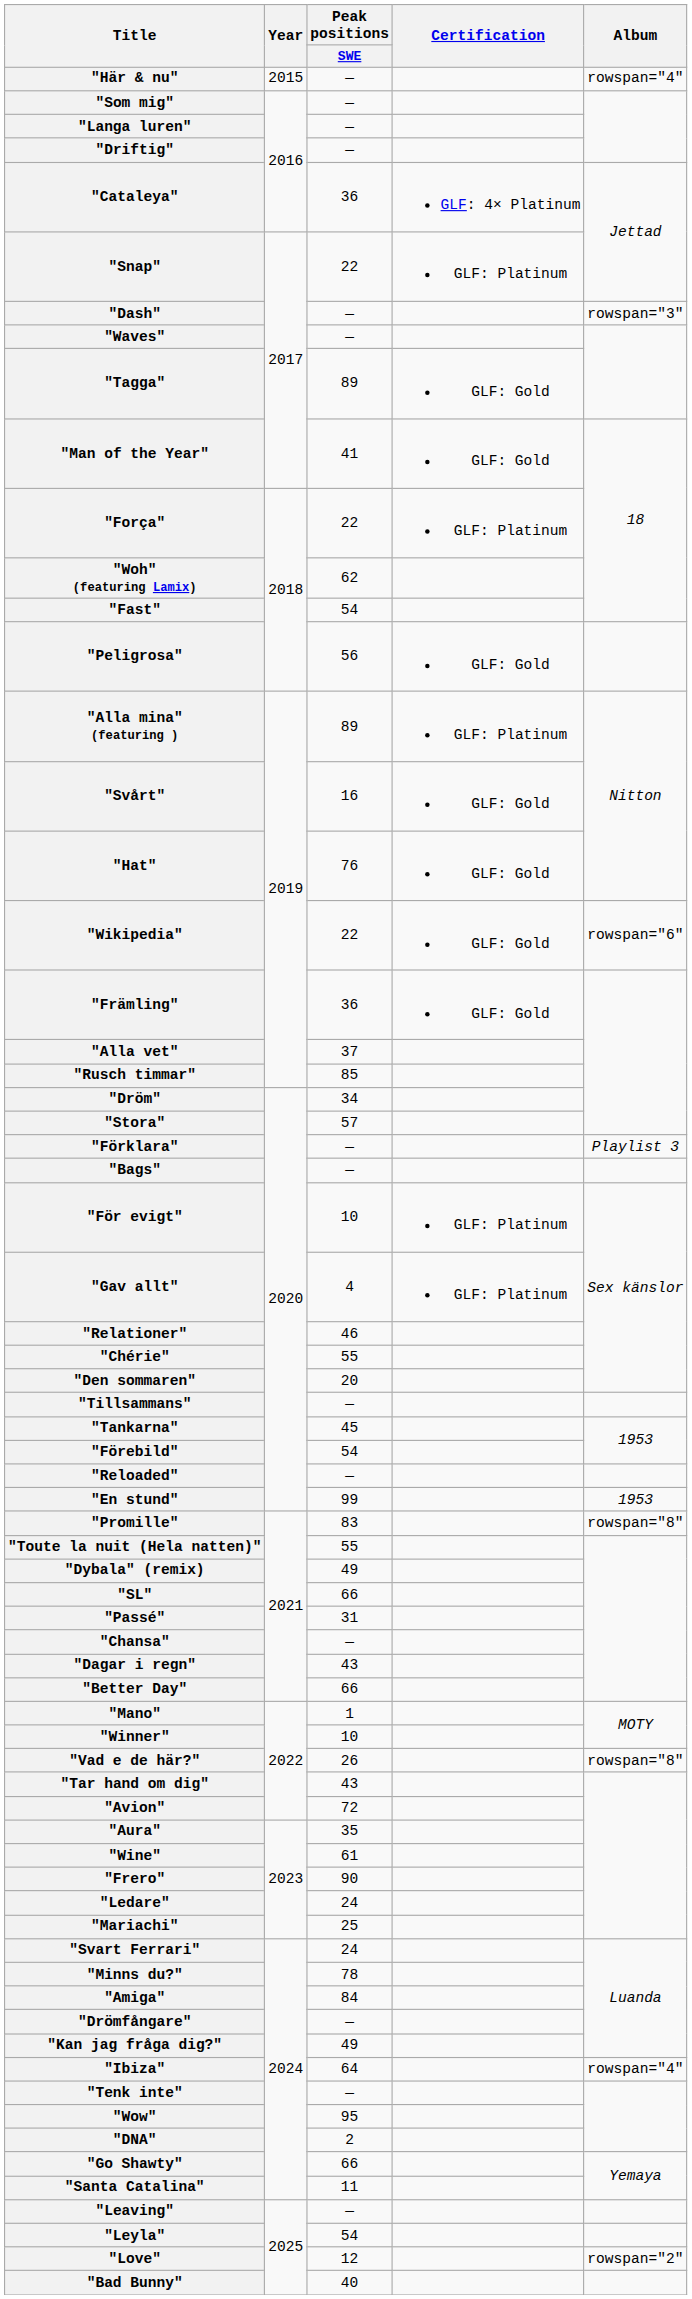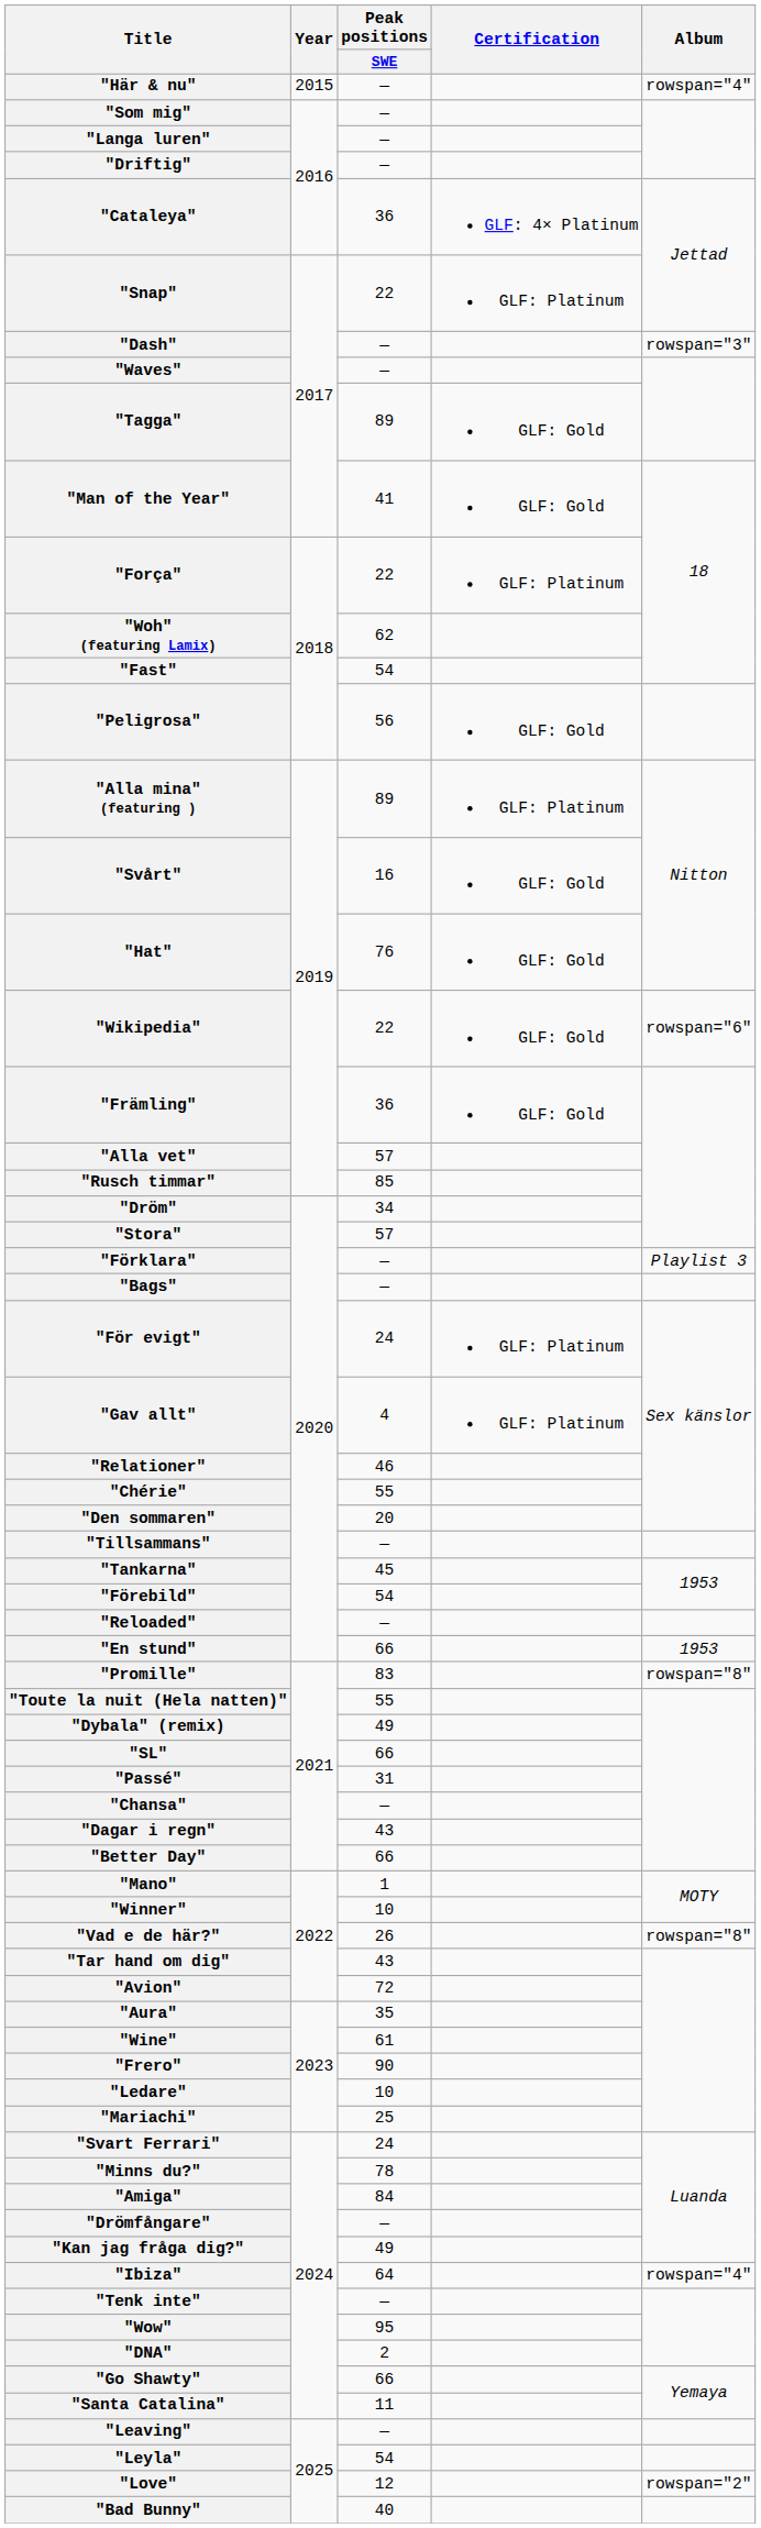 <table class="wikitable plainrowheaders" style="text-align:center">
 <tr>
 <th scope="col" rowspan="2">Title</th>
 <th scope="col" rowspan="2">Year</th>
 <th scope="col" colspan="1">Peak positions</th>
 <th scope="col" rowspan="2"><a href='#'>Certification</a></th>
 <th scope="col" rowspan="2">Album</th>
 </tr>
 <tr>
 <th scope="col" style="width:3em;font-size:90%;"><a href='#'>SWE</a><br></th>
 </tr>
 <tr>
 <th scope="row">"Här & nu"</th>
 <td>2015</td>
 <td>—</td>
 <td></td>
 <td>rowspan="4"</td>
 </tr>
 <tr>
 <th scope="row">"Som mig"</th>
 <td rowspan="4">2016</td>
 <td>—</td>
 <td></td>
 </tr>
 <tr>
 <th scope="row">"Langa luren"<br></th>
 <td>—</td>
 <td></td>
 </tr>
 <tr>
 <th scope="row">"Driftig"<br></th>
 <td>—</td>
 <td></td>
 </tr>
 <tr>
 <th scope="row">"Cataleya"</th>
 <td>36</td>
 <td><br><ul><li><a href='#'>GLF</a>: 4× Platinum</li></ul></td>
 <td rowspan=2><em>Jettad</em></td>
 </tr>
 <tr>
 <th scope="row">"Snap"</th>
 <td rowspan="5">2017</td>
 <td>22</td>
 <td><br><ul><li>GLF: Platinum</li></ul></td>
 </tr>
 <tr>
 <th scope="row">"Dash"<br></th>
 <td>—</td>
 <td></td>
 <td>rowspan="3"</td>
 </tr>
 <tr>
 <th scope="row">"Waves"<br></th>
 <td>—</td>
 <td></td>
 </tr>
 <tr>
 <th scope="row">"Tagga"</th>
 <td>89</td>
 <td><br><ul><li>GLF: Gold</li></ul></td>
 </tr>
 <tr>
 <th scope="row">"Man of the Year"</th>
 <td>41</td>
 <td><br><ul><li>GLF: Gold</li></ul></td>
 <td rowspan=4><em>18</em></td>
 </tr>
 <tr>
 <th scope="row">"Força"</th>
 <td rowspan="4">2018</td>
 <td>22</td>
 <td><br><ul><li>GLF: Platinum</li></ul></td>
 </tr>
 <tr>
 <th scope="row">"Woh"<br><small>(featuring <a href='#'>Lamix</a>)</small></th>
 <td>62</td>
 <td></td>
 </tr>
 <tr>
 <th scope="row">"Fast"</th>
 <td>54</td>
 <td></td>
 </tr>
 <tr>
 <th scope="row">"Peligrosa"</th>
 <td>56</td>
 <td><br><ul><li>GLF: Gold</li></ul></td>
 <td></td>
 </tr>
 <tr>
 <th scope="row">"Alla mina"<br><small>(featuring )</small></th>
 <td rowspan="7">2019</td>
 <td>89</td>
 <td><br><ul><li>GLF: Platinum</li></ul></td>
 <td rowspan="3"><em>Nitton</em></td>
 </tr>
 <tr>
 <th scope="row">"Svårt"</th>
 <td>16</td>
 <td><br><ul><li>GLF: Gold</li></ul></td>
 </tr>
 <tr>
 <th scope="row">"Hat"</th>
 <td>76</td>
 <td><br><ul><li>GLF: Gold</li></ul></td>
 </tr>
 <tr>
 <th scope="row">"Wikipedia"</th>
 <td>22</td>
 <td><br><ul><li>GLF: Gold</li></ul></td>
 <td>rowspan="6" </td>
 </tr>
 <tr>
 <th scope="row">"Främling"<br></th>
 <td>36<br></td>
 <td><br><ul><li>GLF: Gold</li></ul></td>
 </tr>
 <tr>
 <th scope="row">"Alla vet"<br></th>
-<td>37<br></td>
+<td>57<br></td>
 <td></td>
 </tr>
 <tr>
 <th scope="row">"Rusch timmar"</th>
 <td>85</td>
 <td></td>
 </tr>
 <tr>
 <th scope="row">"Dröm"</th>
 <td rowspan="14">2020</td>
 <td>34</td>
 <td></td>
 </tr>
 <tr>
 <th scope="row">"Stora"<br></th>
 <td>57<br></td>
 <td></td>
 </tr>
 <tr>
 <th scope="row">"Förklara"<br></th>
 <td>—</td>
 <td></td>
 <td><em>Playlist 3</em></td>
 </tr>
 <tr>
 <th scope="row">"Bags"<br></th>
 <td>—</td>
 <td></td>
 <td></td>
 </tr>
 <tr>
 <th scope="row">"För evigt"<br></th>
-<td>10<br></td>
+<td>24<br></td>
 <td><br><ul><li>GLF: Platinum</li></ul></td>
 <td rowspan="5"><em>Sex känslor</em></td>
 </tr>
 <tr>
 <th scope="row">"Gav allt"<br></th>
 <td>4<br></td>
 <td><br><ul><li>GLF: Platinum</li></ul></td>
 </tr>
 <tr>
 <th scope="row">"Relationer"</th>
 <td>46</td>
 <td></td>
 </tr>
 <tr>
 <th scope="row">"Chérie"</th>
 <td>55</td>
 <td></td>
 </tr>
 <tr>
 <th scope="row">"Den sommaren"<br></th>
 <td>20<br></td>
 <td></td>
 </tr>
 <tr>
 <th scope="row">"Tillsammans"<br></th>
 <td>—</td>
 <td></td>
 <td></td>
 </tr>
 <tr>
 <th scope="row">"Tankarna"</th>
 <td>45</td>
 <td></td>
 <td rowspan="2"><em>1953</em></td>
 </tr>
 <tr>
 <th scope="row">"Förebild"</th>
 <td>54</td>
 <td></td>
 </tr>
 <tr>
 <th scope="row">"Reloaded"<br></th>
 <td>—</td>
 <td></td>
 <td></td>
 </tr>
 <tr>
 <th scope="row">"En stund"</th>
-<td>99</td>
+<td>66<br></td>
 <td></td>
 <td><em>1953</em></td>
 </tr>
 <tr>
 <th scope="row">"Promille"<br></th>
 <td rowspan="8">2021</td>
 <td>83<br></td>
 <td></td>
 <td>rowspan="8" </td>
 </tr>
 <tr>
 <th scope="row">"Toute la nuit (Hela natten)"<br></th>
 <td>55<br></td>
 <td></td>
 </tr>
 <tr>
 <th scope="row">"Dybala" (remix)<br></th>
 <td>49<br></td>
 <td></td>
 </tr>
 <tr>
 <th scope="row">"SL"</th>
 <td>66<br></td>
 <td></td>
 </tr>
 <tr>
 <th scope="row">"Passé"</th>
 <td>31<br></td>
 <td></td>
 </tr>
 <tr>
 <th scope="row">"Chansa"<br></th>
 <td>—</td>
 <td></td>
 </tr>
 <tr>
 <th scope="row">"Dagar i regn"</th>
 <td>43<br></td>
 <td></td>
 </tr>
 <tr>
 <th scope="row">"Better Day"<br></th>
 <td>66<br></td>
 <td></td>
 </tr>
 <tr>
 <th scope="row">"Mano"</th>
 <td rowspan="5">2022</td>
 <td>1<br></td>
 <td></td>
 <td rowspan="2"><em>MOTY</em></td>
 </tr>
 <tr>
 <th scope="row">"Winner"<br></th>
 <td>10<br></td>
 <td></td>
 </tr>
 <tr>
 <th scope="row">"Vad e de här?"</th>
 <td>26<br></td>
 <td></td>
 <td>rowspan="8" </td>
 </tr>
 <tr>
 <th scope="row">"Tar hand om dig"</th>
 <td>43<br></td>
 <td></td>
 </tr>
 <tr>
 <th scope="row">"Avion"</th>
 <td>72<br></td>
 <td></td>
 </tr>
 <tr>
 <th scope="row">"Aura"</th>
 <td rowspan="5">2023</td>
 <td>35<br></td>
 <td></td>
 </tr>
 <tr>
 <th scope="row">"Wine"</th>
 <td>61<br></td>
 <td></td>
 </tr>
 <tr>
 <th scope="row">"Frero"</th>
 <td>90<br></td>
 <td></td>
 </tr>
 <tr>
 <th scope="row">"Ledare"<br></th>
-<td>24<br></td>
+<td>10<br></td>
 <td></td>
 </tr>
 <tr>
 <th scope="row">"Mariachi"<br></th>
 <td>25<br></td>
 <td></td>
 </tr>
 <tr>
 <th scope="row">"Svart Ferrari"</th>
 <td rowspan="11">2024</td>
 <td>24<br></td>
 <td></td>
 <td rowspan="5"><em>Luanda</em></td>
 </tr>
 <tr>
 <th scope="row">"Minns du?"<br></th>
 <td>78</td>
 <td></td>
 </tr>
 <tr>
 <th scope="row">"Amiga"</th>
 <td>84<br></td>
 <td></td>
 </tr>
 <tr>
 <th scope="row">"Drömfångare"<br></th>
 <td>—</td>
 <td></td>
 </tr>
 <tr>
 <th scope="row">"Kan jag fråga dig?"</th>
 <td>49<br></td>
 <td></td>
 </tr>
 <tr>
 <th scope="row">"Ibiza"</th>
 <td>64<br></td>
 <td></td>
 <td>rowspan="4" </td>
 </tr>
 <tr>
 <th scope="row">"Tenk inte"<br></th>
 <td>—</td>
 <td></td>
 </tr>
 <tr>
 <th scope="row">"Wow"<br></th>
 <td>95<br></td>
 <td></td>
 </tr>
 <tr>
 <th scope="row">"DNA"<br></th>
 <td>2<br></td>
 <td></td>
 </tr>
 <tr>
 <th scope="row">"Go Shawty"</th>
 <td>66<br></td>
 <td></td>
 <td rowspan="2"><em>Yemaya</em></td>
 </tr>
 <tr>
 <th scope="row">"Santa Catalina"</th>
 <td>11<br></td>
 <td></td>
 </tr>
 <tr>
 <th scope="row">"Leaving"<br></th>
 <td rowspan="4">2025</td>
 <td>—</td>
 <td></td>
 <td></td>
 </tr>
 <tr>
 <th scope="row">"Leyla"<br></th>
 <td>54<br></td>
 <td></td>
 <td></td>
 </tr>
 <tr>
 <th scope="row">"Love"</th>
 <td>12<br></td>
 <td></td>
 <td>rowspan="2" </td>
 </tr>
 <tr>
 <th scope="row">"Bad Bunny"</th>
 <td>40<br></td>
 <td></td>
 </tr>
 </table>
